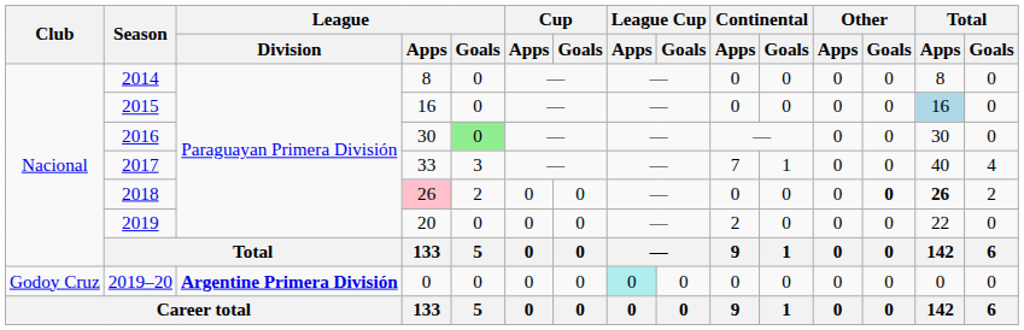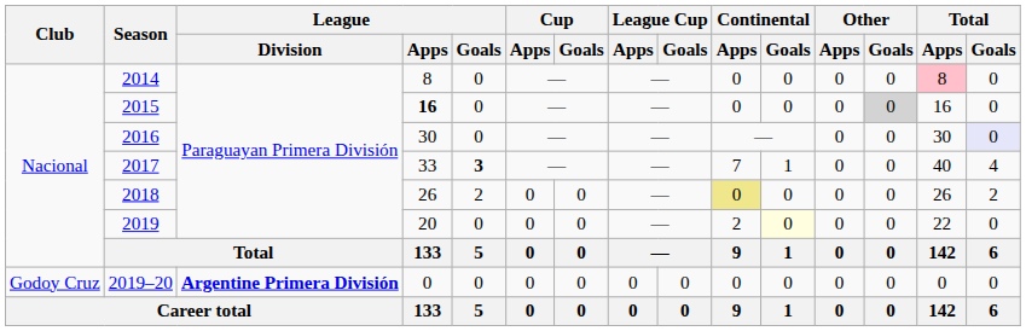 <table class="wikitable" style="text-align:center">
 <tr>
 <th rowspan="2">Club</th>
 <th rowspan="2">Season</th>
 <th colspan="3">League</th>
 <th colspan="2">Cup</th>
 <th colspan="2">League Cup</th>
 <th colspan="2">Continental</th>
 <th colspan="2">Other</th>
 <th colspan="2">Total</th>
 </tr>
 <tr>
 <th>Division</th>
 <th>Apps</th>
 <th>Goals</th>
 <th>Apps</th>
 <th>Goals</th>
 <th>Apps</th>
 <th>Goals</th>
 <th>Apps</th>
 <th>Goals</th>
 <th>Apps</th>
 <th>Goals</th>
 <th>Apps</th>
 <th>Goals</th>
 </tr>
 <tr>
 <td rowspan="7"><a href='#'>Nacional</a></td>
 <td><a href='#'>2014</a></td>
 <td rowspan="6"><a href='#'>Paraguayan Primera División</a></td>
 <td>8</td>
 <td>0</td>
 <td colspan="2">—</td>
 <td colspan="2">—</td>
 <td>0</td>
 <td>0</td>
 <td>0</td>
 <td>0</td>
-<td>8</td>
+<td style="background: pink;">8</td>
 <td>0</td>
 </tr>
 <tr>
 <td><a href='#'>2015</a></td>
-<td>16</td>
+<td><strong>16</strong></td>
 <td>0</td>
 <td colspan="2">—</td>
 <td colspan="2">—</td>
 <td>0</td>
 <td>0</td>
 <td>0</td>
-<td>0</td>
-<td style="background: lightblue;">16</td>
+<td style="background: lightgrey;">0</td>
+<td>16</td>
 <td>0</td>
 </tr>
 <tr>
 <td><a href='#'>2016</a></td>
 <td>30</td>
-<td style="background: lightgreen;">0</td>
+<td>0</td>
 <td colspan="2">—</td>
 <td colspan="2">—</td>
 <td colspan="2">—</td>
 <td>0</td>
 <td>0</td>
 <td>30</td>
-<td>0</td>
+<td style="background: lavender;">0</td>
 </tr>
 <tr>
 <td><a href='#'>2017</a></td>
 <td>33</td>
-<td>3</td>
+<td><strong>3</strong></td>
 <td colspan="2">—</td>
 <td colspan="2">—</td>
 <td>7</td>
 <td>1</td>
 <td>0</td>
 <td>0</td>
 <td>40</td>
 <td>4</td>
 </tr>
 <tr>
 <td><a href='#'>2018</a></td>
-<td style="background: pink;">26</td>
+<td>26</td>
 <td>2</td>
 <td>0</td>
 <td>0</td>
 <td colspan="2">—</td>
+<td style="background: khaki;">0</td>
 <td>0</td>
 <td>0</td>
 <td>0</td>
-<td><strong>0</strong></td>
-<td><strong>26</strong></td>
+<td>26</td>
 <td>2</td>
 </tr>
 <tr>
 <td><a href='#'>2019</a></td>
 <td>20</td>
 <td>0</td>
 <td>0</td>
 <td>0</td>
 <td colspan="2">—</td>
 <td>2</td>
-<td>0</td>
+<td style="background: lightyellow;">0</td>
 <td>0</td>
 <td>0</td>
 <td>22</td>
 <td>0</td>
 </tr>
 <tr>
 <th colspan="2">Total</th>
 <th>133</th>
 <th>5</th>
 <th>0</th>
 <th>0</th>
 <th colspan="2">—</th>
 <th>9</th>
 <th>1</th>
 <th>0</th>
 <th>0</th>
 <th>142</th>
 <th>6</th>
 </tr>
 <tr>
 <td rowspan="1"><a href='#'>Godoy Cruz</a></td>
 <td><a href='#'>2019–20</a></td>
 <td rowspan="1"><strong><a href='#'>Argentine Primera División</a></strong></td>
 <td>0</td>
 <td>0</td>
 <td>0</td>
 <td>0</td>
-<td style="background: paleturquoise;">0</td>
+<td>0</td>
 <td>0</td>
 <td>0</td>
 <td>0</td>
 <td>0</td>
 <td>0</td>
 <td>0</td>
 <td>0</td>
 </tr>
 <tr>
 <th colspan="3">Career total</th>
 <th>133</th>
 <th>5</th>
 <th>0</th>
 <th>0</th>
 <th>0</th>
 <th>0</th>
 <th>9</th>
 <th>1</th>
 <th>0</th>
 <th>0</th>
 <th>142</th>
 <th>6</th>
 </tr>
 </table>
